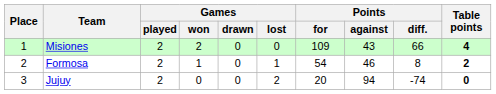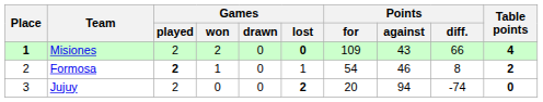 <table class="wikitable">
 <tr>
 <th rowspan=2 width="8%">Place</th>
 <th rowspan=2 width="20%">Team</th>
 <th colspan=4 width="32%">Games</th>
 <th colspan=3 width="30%">Points</th>
 <th rowspan=2 width="10%">Table<br>points</th>
 </tr>
 <tr>
 <th width="8%">played</th>
 <th width="8%">won</th>
 <th width="8%">drawn</th>
 <th width="8%">lost</th>
 <th width="10%">for</th>
 <th width="10%">against</th>
 <th width="10%">diff.</th>
 </tr>
 <tr align=center style="background: #ccffcc;">
-<td>1</td>
+<td><strong>1</strong></td>
 <td align=left><a href='#'>Misiones</a></td>
 <td>2</td>
 <td>2</td>
 <td>0</td>
-<td>0</td>
+<td><strong>0</strong></td>
 <td>109</td>
 <td>43</td>
 <td>66</td>
 <td><strong>4</strong></td>
 </tr>
 <tr align=center style="background: #ffffff;">
 <td>2</td>
 <td align=left><a href='#'>Formosa</a></td>
-<td>2</td>
+<td><strong>2</strong></td>
 <td>1</td>
 <td>0</td>
 <td>1</td>
 <td>54</td>
 <td>46</td>
 <td>8</td>
 <td><strong>2</strong></td>
 </tr>
 <tr align=center style="background: #ffffff;">
 <td>3</td>
 <td align=left><a href='#'>Jujuy</a></td>
 <td>2</td>
 <td>0</td>
 <td>0</td>
-<td>2</td>
+<td><strong>2</strong></td>
 <td>20</td>
 <td>94</td>
 <td>-74</td>
 <td><strong>0</strong></td>
 </tr>
 </table>
